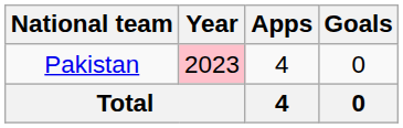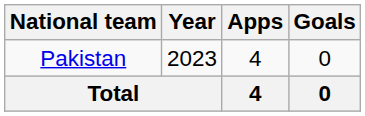 <table class="wikitable" style="text-align:center">
 <tr>
 <th>National team</th>
 <th>Year</th>
 <th>Apps</th>
 <th>Goals</th>
 </tr>
 <tr>
 <td><a href='#'>Pakistan</a></td>
-<td style="background: pink;">2023</td>
+<td>2023</td>
 <td>4</td>
 <td>0</td>
 </tr>
 <tr>
 <th colspan="2">Total</th>
 <th>4</th>
 <th>0</th>
 </tr>
 </table>
